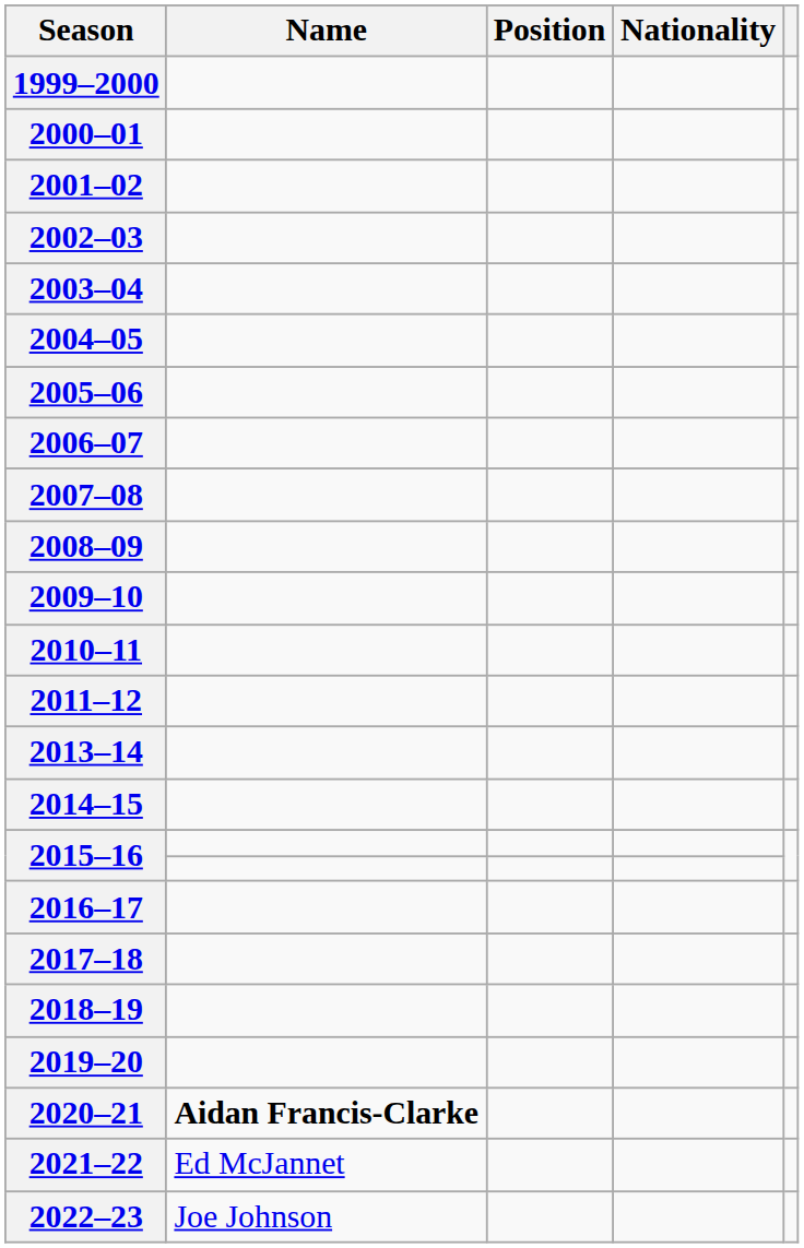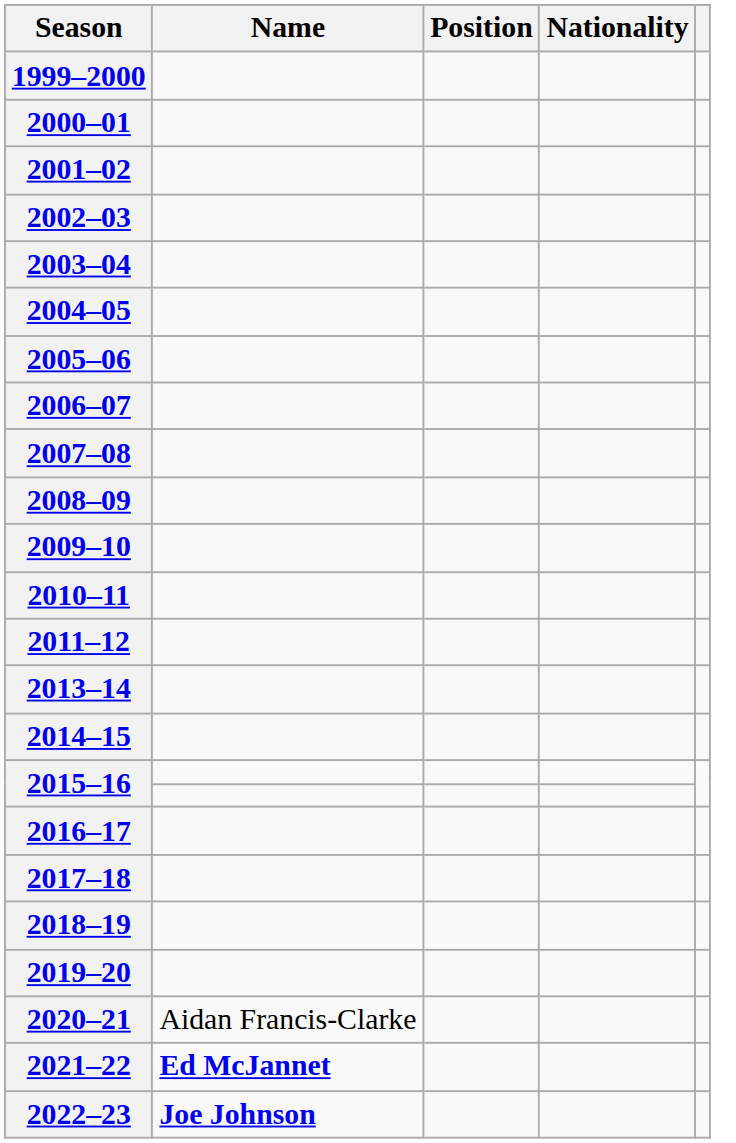 <table class="wikitable sortable plainrowheaders" style=text-align:center>
 <tr>
 <th scope=col>Season</th>
 <th scope=col>Name</th>
 <th scope=col>Position</th>
 <th scope=col>Nationality</th>
 <th scope=col class=unsortable></th>
 </tr>
 <tr>
 <th scope=row style=text-align:center><a href='#'>1999–2000</a></th>
 <td align=left></td>
 <td align=left></td>
 <td align=left></td>
 <td></td>
 </tr>
 <tr>
 <th scope=row style=text-align:center><a href='#'>2000–01</a></th>
 <td align=left></td>
 <td align=left></td>
 <td align=left></td>
 <td></td>
 </tr>
 <tr>
 <th scope=row style=text-align:center><a href='#'>2001–02</a></th>
 <td align=left></td>
 <td align=left></td>
 <td align=left></td>
 <td></td>
 </tr>
 <tr>
 <th scope=row style=text-align:center><a href='#'>2002–03</a></th>
 <td align=left></td>
 <td align=left></td>
 <td align=left></td>
 <td></td>
 </tr>
 <tr>
 <th scope=row style=text-align:center><a href='#'>2003–04</a></th>
 <td align=left></td>
 <td align=left></td>
 <td align=left></td>
 <td></td>
 </tr>
 <tr>
 <th scope=row style=text-align:center><a href='#'>2004–05</a></th>
 <td align=left></td>
 <td align=left></td>
 <td align=left></td>
 <td></td>
 </tr>
 <tr>
 <th scope=row style=text-align:center><a href='#'>2005–06</a></th>
 <td align=left></td>
 <td align=left></td>
 <td align=left></td>
 <td></td>
 </tr>
 <tr>
 <th scope=row style=text-align:center><a href='#'>2006–07</a></th>
 <td align=left></td>
 <td align=left></td>
 <td align=left></td>
 <td></td>
 </tr>
 <tr>
 <th scope=row style=text-align:center><a href='#'>2007–08</a></th>
 <td align=left></td>
 <td align=left></td>
 <td align=left></td>
 <td></td>
 </tr>
 <tr>
 <th scope=row style=text-align:center><a href='#'>2008–09</a></th>
 <td align=left></td>
 <td align=left></td>
 <td align=left></td>
 <td></td>
 </tr>
 <tr>
 <th scope=row style=text-align:center><a href='#'>2009–10</a></th>
 <td align=left></td>
 <td align=left></td>
 <td align=left></td>
 <td></td>
 </tr>
 <tr>
 <th scope=row style=text-align:center><a href='#'>2010–11</a></th>
 <td align=left></td>
 <td align=left></td>
 <td align=left></td>
 <td></td>
 </tr>
 <tr>
 <th scope=row style=text-align:center><a href='#'>2011–12</a></th>
 <td align=left></td>
 <td align=left></td>
 <td align=left></td>
 <td></td>
 </tr>
 <tr>
 <th scope=row style=text-align:center><a href='#'>2013–14</a></th>
 <td align=left></td>
 <td align=left></td>
 <td align=left></td>
 <td></td>
 </tr>
 <tr>
 <th scope=row style=text-align:center><a href='#'>2014–15</a></th>
 <td align=left></td>
 <td align=left></td>
 <td align=left></td>
 <td></td>
 </tr>
 <tr>
 <th scope=row rowspan=2 style=text-align:center><a href='#'>2015–16</a></th>
 <td align=left></td>
 <td align=left></td>
 <td align=left></td>
 <td rowspan=2></td>
 </tr>
 <tr>
 <td align=left></td>
 <td align=left></td>
 <td align=left></td>
 </tr>
 <tr>
 <th scope=row style=text-align:center><a href='#'>2016–17</a></th>
 <td align=left></td>
 <td align=left></td>
 <td align=left></td>
 <td></td>
 </tr>
 <tr>
 <th scope=row style=text-align:center><a href='#'>2017–18</a></th>
 <td align=left></td>
 <td align=left></td>
 <td align=left></td>
 <td></td>
 </tr>
 <tr>
 <th scope=row style=text-align:center><a href='#'>2018–19</a></th>
 <td align=left></td>
 <td align=left></td>
 <td align=left></td>
 <td></td>
 </tr>
 <tr>
 <th scope=row style=text-align:center><a href='#'>2019–20</a></th>
 <td align=left></td>
 <td align=left></td>
 <td align=left></td>
 <td></td>
 </tr>
 <tr>
 <th scope=row style=text-align:center><a href='#'>2020–21</a></th>
-<td align=left><strong>Aidan Francis-Clarke</strong></td>
+<td align=left>Aidan Francis-Clarke</td>
 <td align=left></td>
 <td align=left></td>
 <td></td>
 </tr>
 <tr>
 <th scope="row" style="text-align:center"><a href='#'>2021–22</a></th>
-<td align="left"><a href='#'>Ed McJannet</a></td>
+<td align="left"><strong><a href='#'>Ed McJannet</a></strong></td>
 <td align="left"></td>
 <td align="left"></td>
 <td></td>
 </tr>
 <tr>
 <th scope="row" style="text-align:center"><a href='#'>2022–23</a></th>
-<td align="left"><a href='#'>Joe Johnson</a></td>
+<td align="left"><strong><a href='#'>Joe Johnson</a></strong></td>
 <td align="left"></td>
 <td align="left"></td>
 <td></td>
 </tr>
 </table>
